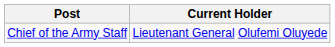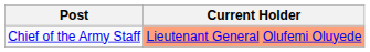 <table class="wikitable">
 <tr>
 <th>Post</th>
 <th>Current Holder</th>
 </tr>
 <tr>
 <td><a href='#'>Chief of the Army Staff</a></td>
-<td><a href='#'>Lieutenant General</a> <a href='#'>Olufemi Oluyede</a></td>
+<td style="background: lightsalmon;"><a href='#'>Lieutenant General</a> <a href='#'>Olufemi Oluyede</a></td>
 </tr>
 </table>
